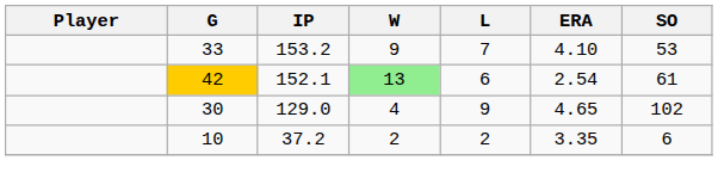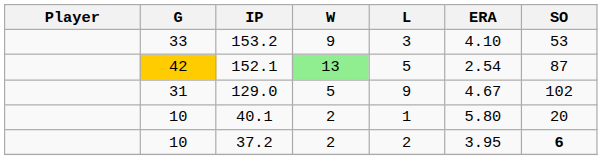 <table class="wikitable sortable">
 <tr>
 <th bgcolor="#DDDDFF" width="16%">Player</th>
 <th bgcolor="#DDDDFF" width="9%">G</th>
 <th bgcolor="#DDDDFF" width="9%">IP</th>
 <th bgcolor="#DDDDFF" width="9%">W</th>
 <th bgcolor="#DDDDFF" width="9%">L</th>
 <th bgcolor="#DDDDFF" width="9%">ERA</th>
 <th bgcolor="#DDDDFF" width="9%">SO</th>
 </tr>
 <tr align="center">
 <td></td>
 <td>33</td>
 <td>153.2</td>
 <td>9</td>
-<td>7</td>
+<td>3</td>
 <td>4.10</td>
 <td>53</td>
 </tr>
 <tr align="center">
 <td></td>
 <td style="background:#fc0;">42</td>
 <td>152.1</td>
 <td style="background: lightgreen;">13</td>
-<td>6</td>
+<td>5</td>
 <td>2.54</td>
-<td>61</td>
+<td>87</td>
 </tr>
 <tr align="center">
 <td></td>
-<td>30</td>
+<td>31</td>
 <td>129.0</td>
-<td>4</td>
+<td>5</td>
 <td>9</td>
-<td>4.65</td>
+<td>4.67</td>
 <td>102</td>
+</tr>
+<tr align="center">
+<td></td>
+<td>10</td>
+<td>40.1</td>
+<td>2</td>
+<td>1</td>
+<td>5.80</td>
+<td>20</td>
 </tr>
 <tr align="center">
 <td></td>
 <td>10</td>
 <td>37.2</td>
 <td>2</td>
 <td>2</td>
-<td>3.35</td>
-<td>6</td>
+<td>3.95</td>
+<td><strong>6</strong></td>
 </tr>
 <tr align="center">
 </tr>
 </table>
